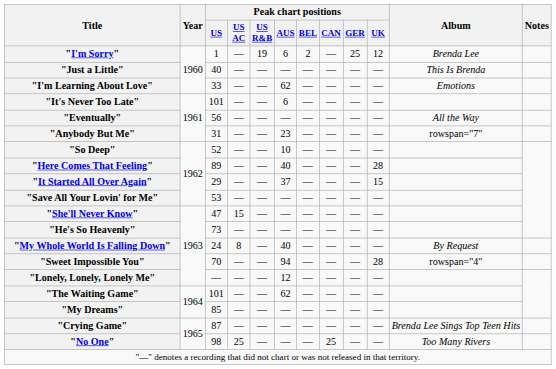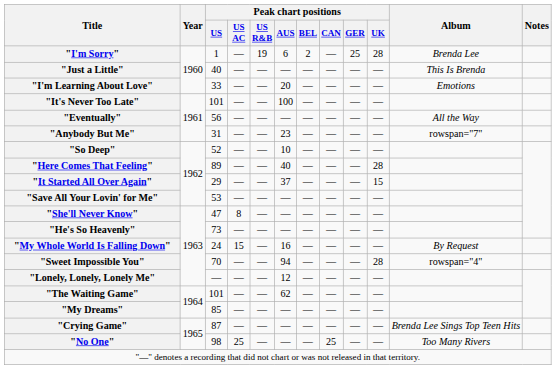 <table class="wikitable plainrowheaders" style="text-align:center;" border="1">
 <tr>
 <th scope="col" rowspan="2" style="width:17em;">Title</th>
 <th scope="col" rowspan="2">Year</th>
 <th scope="col" colspan="8">Peak chart positions</th>
 <th scope="col" rowspan="2">Album</th>
 <th scope="col" rowspan="2">Notes</th>
 </tr>
 <tr>
 <th scope="col" style="width:2em;font-size:90%;"><a href='#'>US</a><br></th>
 <th scope="col" style="width:2em;font-size:90%;"><a href='#'>US AC</a><br></th>
 <th scope="col" style="width:2em;font-size:90%;"><a href='#'>US<br>R&B</a><br></th>
 <th scope="col" style="width:2em;font-size:90%;"><a href='#'>AUS</a><br></th>
 <th scope="col" style="width:2em;font-size:90%;"><a href='#'>BEL</a><br></th>
 <th scope="col" style="width:2em;font-size:90%;"><a href='#'>CAN</a><br></th>
 <th scope="col" style="width:2em;font-size:90%;"><a href='#'>GER</a><br></th>
 <th scope="col" style="width:2em;font-size:90%;"><a href='#'>UK</a><br></th>
 </tr>
 <tr>
 <th scope="row">"<a href='#'>I'm Sorry</a>"</th>
 <td rowspan="3">1960</td>
 <td>1</td>
 <td>—</td>
 <td>19</td>
 <td>6</td>
 <td>2</td>
 <td>—</td>
 <td>25</td>
-<td>12</td>
+<td>28</td>
 <td><em>Brenda Lee</em></td>
 <td></td>
 </tr>
 <tr>
 <th scope="row">"Just a Little"</th>
 <td>40</td>
 <td>—</td>
 <td>—</td>
 <td>—</td>
 <td>—</td>
 <td>—</td>
 <td>—</td>
 <td>—</td>
 <td><em>This Is Brenda</em></td>
 <td></td>
 </tr>
 <tr>
 <th scope="row">"I'm Learning About Love"</th>
 <td>33</td>
 <td>—</td>
 <td>—</td>
-<td>62</td>
+<td>20</td>
 <td>—</td>
 <td>—</td>
 <td>—</td>
 <td>—</td>
 <td><em>Emotions</em></td>
 <td></td>
 </tr>
 <tr>
 <th scope="row">"It's Never Too Late"</th>
 <td rowspan="3">1961</td>
 <td>101</td>
 <td>—</td>
 <td>—</td>
-<td>6</td>
+<td>100</td>
 <td>—</td>
 <td>—</td>
 <td>—</td>
 <td>—</td>
 <td></td>
 <td></td>
 </tr>
 <tr>
 <th scope="row">"Eventually"</th>
 <td>56</td>
 <td>—</td>
 <td>—</td>
 <td>—</td>
 <td>—</td>
 <td>—</td>
 <td>—</td>
 <td>—</td>
 <td><em>All the Way</em></td>
 <td></td>
 </tr>
 <tr>
 <th scope="row">"Anybody But Me"</th>
 <td>31</td>
 <td>—</td>
 <td>—</td>
 <td>23</td>
 <td>—</td>
 <td>—</td>
 <td>—</td>
 <td>—</td>
 <td>rowspan="7" </td>
 <td></td>
 </tr>
 <tr>
 <th scope="row">"So Deep"</th>
 <td rowspan="4">1962</td>
 <td>52</td>
 <td>—</td>
 <td>—</td>
 <td>10</td>
 <td>—</td>
 <td>—</td>
 <td>—</td>
 <td>—</td>
 <td></td>
 </tr>
 <tr>
 <th scope="row">"<a href='#'>Here Comes That Feeling</a>"</th>
 <td>89</td>
 <td>—</td>
 <td>—</td>
 <td>40</td>
 <td>—</td>
 <td>—</td>
 <td>—</td>
 <td>28</td>
 <td></td>
 </tr>
 <tr>
 <th scope="row">"<a href='#'>It Started All Over Again</a>"</th>
 <td>29</td>
 <td>—</td>
 <td>—</td>
 <td>37</td>
 <td>—</td>
 <td>—</td>
 <td>—</td>
 <td>15</td>
 <td></td>
 </tr>
 <tr>
 <th scope="row">"Save All Your Lovin' for Me"</th>
 <td>53</td>
 <td>—</td>
 <td>—</td>
 <td>—</td>
 <td>—</td>
 <td>—</td>
 <td>—</td>
 <td>—</td>
 <td></td>
 </tr>
 <tr>
 <th scope="row">"<a href='#'>She'll Never Know</a>"</th>
 <td rowspan="5">1963</td>
 <td>47</td>
-<td>15</td>
+<td>8</td>
 <td>—</td>
 <td>—</td>
 <td>—</td>
 <td>—</td>
 <td>—</td>
 <td>—</td>
 <td></td>
 </tr>
 <tr>
 <th scope="row">"He's So Heavenly"</th>
 <td>73</td>
 <td>—</td>
 <td>—</td>
 <td>—</td>
 <td>—</td>
 <td>—</td>
 <td>—</td>
 <td>—</td>
 <td></td>
 </tr>
 <tr>
 <th scope="row">"<a href='#'>My Whole World Is Falling Down</a>"</th>
 <td>24</td>
-<td>8</td>
+<td>15</td>
 <td>—</td>
-<td>40</td>
+<td>16</td>
 <td>—</td>
 <td>—</td>
 <td>—</td>
 <td>—</td>
 <td><em>By Request</em></td>
 <td></td>
 </tr>
 <tr>
 <th scope="row">"Sweet Impossible You"</th>
 <td>70</td>
 <td>—</td>
 <td>—</td>
 <td>94</td>
 <td>—</td>
 <td>—</td>
 <td>—</td>
 <td>28</td>
 <td>rowspan="4" </td>
 <td></td>
 </tr>
 <tr>
 <th scope="row">"Lonely, Lonely, Lonely Me"</th>
 <td>—</td>
 <td>—</td>
 <td>—</td>
 <td>12</td>
 <td>—</td>
 <td>—</td>
 <td>—</td>
 <td>—</td>
 <td></td>
 </tr>
 <tr>
 <th scope="row">"The Waiting Game"</th>
 <td rowspan="2">1964</td>
 <td>101</td>
 <td>—</td>
 <td>—</td>
 <td>62</td>
 <td>—</td>
 <td>—</td>
 <td>—</td>
 <td>—</td>
 <td></td>
 </tr>
 <tr>
 <th scope="row">"My Dreams"</th>
 <td>85</td>
 <td>—</td>
 <td>—</td>
 <td>—</td>
 <td>—</td>
 <td>—</td>
 <td>—</td>
 <td>—</td>
 <td></td>
 </tr>
 <tr>
 <th scope="row">"Crying Game"</th>
 <td rowspan="2">1965</td>
 <td>87</td>
 <td>—</td>
 <td>—</td>
 <td>—</td>
 <td>—</td>
 <td>—</td>
 <td>—</td>
 <td>—</td>
 <td><em>Brenda Lee Sings Top Teen Hits</em></td>
 <td></td>
 </tr>
 <tr>
 <th scope="row">"<a href='#'>No One</a>"</th>
 <td>98</td>
 <td>25</td>
 <td>—</td>
 <td>—</td>
 <td>—</td>
 <td>25</td>
 <td>—</td>
 <td>—</td>
 <td><em>Too Many Rivers</em></td>
 <td></td>
 </tr>
 <tr>
 <td colspan="12" style="font-size:90%">"—" denotes a recording that did not chart or was not released in that territory.</td>
 </tr>
 </table>
